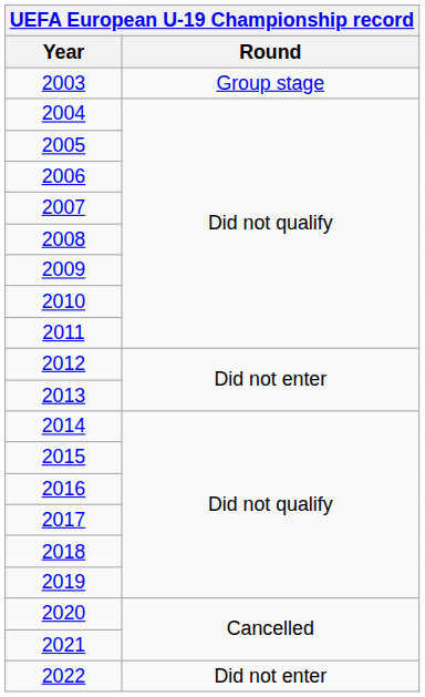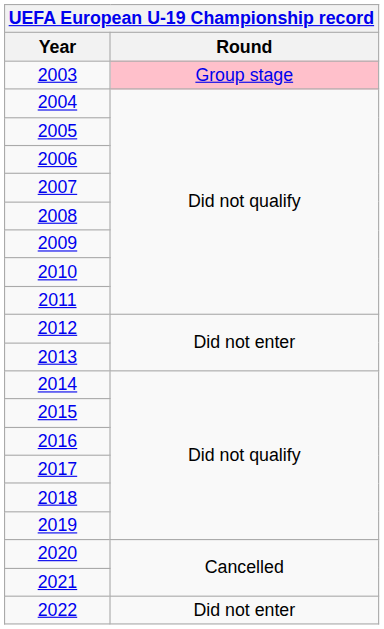 <table class="wikitable" style="text-align: center;">
 <tr>
 <th colspan=9><a href='#'>UEFA European U-19 Championship record</a></th>
 </tr>
 <tr>
 <th>Year</th>
 <th>Round</th>
 </tr>
 <tr>
 <td> <a href='#'>2003</a></td>
-<td><a href='#'>Group stage</a></td>
+<td style="background: pink;"><a href='#'>Group stage</a></td>
 </tr>
 <tr>
 <td> <a href='#'>2004</a></td>
 <td rowspan=8 colspan=2>Did not qualify</td>
 </tr>
 <tr>
 <td> <a href='#'>2005</a></td>
 </tr>
 <tr>
 <td> <a href='#'>2006</a></td>
 </tr>
 <tr>
 <td> <a href='#'>2007</a></td>
 </tr>
 <tr>
 <td> <a href='#'>2008</a></td>
 </tr>
 <tr>
 <td> <a href='#'>2009</a></td>
 </tr>
 <tr>
 <td> <a href='#'>2010</a></td>
 </tr>
 <tr>
 <td> <a href='#'>2011</a></td>
 </tr>
 <tr>
 <td> <a href='#'>2012</a></td>
 <td rowspan=2 colspan=2>Did not enter</td>
 </tr>
 <tr>
 <td> <a href='#'>2013</a></td>
 </tr>
 <tr>
 <td> <a href='#'>2014</a></td>
 <td rowspan=6 colspan=2>Did not qualify</td>
 </tr>
 <tr>
 <td> <a href='#'>2015</a></td>
 </tr>
 <tr>
 <td> <a href='#'>2016</a></td>
 </tr>
 <tr>
 <td> <a href='#'>2017</a></td>
 </tr>
 <tr>
 <td> <a href='#'>2018</a></td>
 </tr>
 <tr>
 <td> <a href='#'>2019</a></td>
 </tr>
 <tr>
 <td> <a href='#'>2020</a></td>
 <td rowspan=2 colspan=2>Cancelled</td>
 </tr>
 <tr>
 <td> <a href='#'>2021</a></td>
 </tr>
 <tr>
 <td> <a href='#'>2022</a></td>
 <td colspan=2>Did not enter</td>
 </tr>
 </table>
